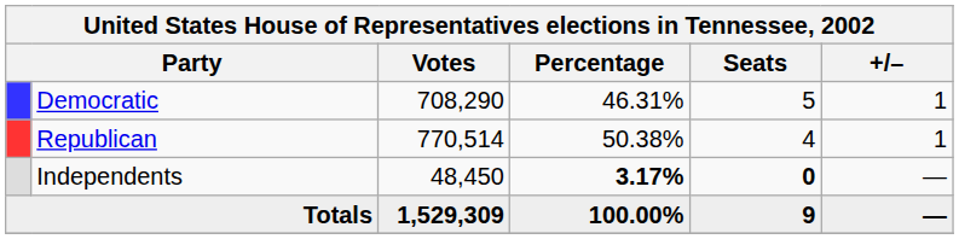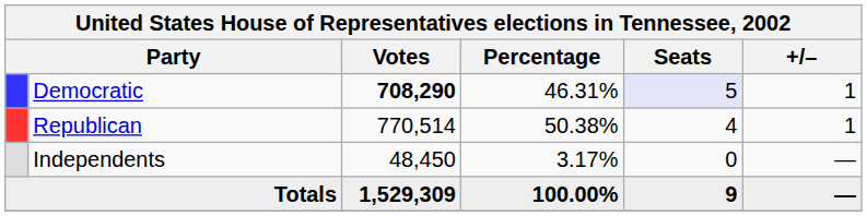 <table class="wikitable" style="font-size: 95%;">
 <tr>
 <th colspan="6">United States House of Representatives elections in Tennessee, 2002</th>
 </tr>
 <tr>
 <th colspan="2" style="width: 15em">Party</th>
 <th style="width: 5em">Votes</th>
 <th style="width: 7em">Percentage</th>
 <th style="width: 5em">Seats</th>
 <th style="width: 5em">+/–</th>
 </tr>
 <tr>
 <th style="background-color:#3333FF; width: 3px"></th>
 <td style="width: 130px"><a href='#'>Democratic</a></td>
-<td align="right">708,290</td>
+<td align="right"><strong>708,290</strong></td>
 <td align="right">46.31%</td>
-<td align="right">5</td>
+<td align="right" style="background: lavender;">5</td>
 <td align="right"> 1</td>
 </tr>
 <tr>
 <th style="background-color:#FF3333; width: 3px"></th>
 <td style="width: 130px"><a href='#'>Republican</a></td>
 <td align="right">770,514</td>
 <td align="right">50.38%</td>
 <td align="right">4</td>
 <td align="right"> 1</td>
 </tr>
 <tr>
 <th style="background-color:#DDDDDD; width: 3px"></th>
 <td style="width: 130px">Independents</td>
 <td align="right">48,450</td>
-<td align="right"><strong>3.17%</strong></td>
-<td align="right"><strong>0</strong></td>
+<td align="right">3.17%</td>
+<td align="right">0</td>
 <td align="right">—</td>
 </tr>
 <tr bgcolor="#EEEEEE">
 <td colspan="2" align="right"><strong>Totals</strong></td>
 <td align="right"><strong>1,529,309</strong></td>
 <td align="right"><strong>100.00%</strong></td>
 <td align="right"><strong>9</strong></td>
 <td align="right"><strong>—</strong></td>
 </tr>
 <tr bgcolor="#EEEEEE">
 </tr>
 </table>
